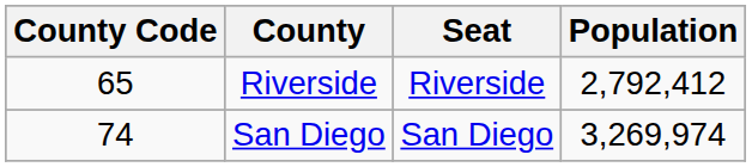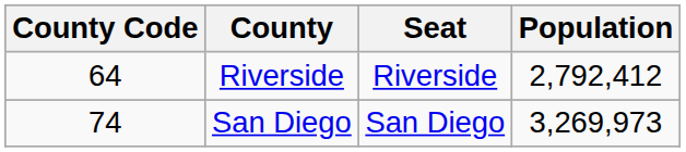 <table class="wikitable sortable" style="text-align:center;">
 <tr>
 <th> County Code</th>
 <th>County</th>
 <th>Seat</th>
 <th>Population</th>
 </tr>
 <tr>
-<td>65</td>
+<td>64</td>
 <td><a href='#'>Riverside</a></td>
 <td><a href='#'>Riverside</a></td>
 <td>2,792,412</td>
 </tr>
 <tr>
 <td>74</td>
 <td><a href='#'>San Diego</a></td>
 <td><a href='#'>San Diego</a></td>
-<td>3,269,974</td>
+<td>3,269,973</td>
 </tr>
 </table>
